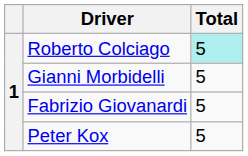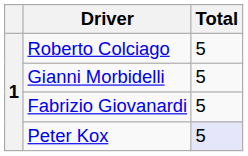 <table class="wikitable" style="font-size:100%;">
 <tr>
 <th></th>
 <th>Driver</th>
 <th>Total</th>
 </tr>
 <tr>
 <th rowspan="4">1</th>
 <td> <a href='#'>Roberto Colciago</a></td>
-<td style="background: paleturquoise;">5</td>
+<td>5</td>
 </tr>
 <tr>
 <td> <a href='#'>Gianni Morbidelli</a></td>
 <td>5</td>
 </tr>
 <tr>
 <td> <a href='#'>Fabrizio Giovanardi</a></td>
 <td>5</td>
 </tr>
 <tr>
 <td> <a href='#'>Peter Kox</a></td>
-<td>5</td>
+<td style="background: lavender;">5</td>
 </tr>
 </table>
